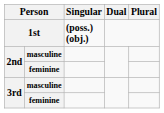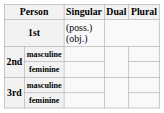 <table class="wikitable">
 <tr>
 <th colspan="2">Person</th>
 <th>Singular</th>
 <th>Dual</th>
 <th>Plural</th>
 </tr>
 <tr>
 <th colspan="2">1st</th>
-<td><strong> (poss.) <em></em> <br>  (obj.) <em></em></strong></td>
+<td> (poss.) <em></em> <br>  (obj.) <em></em></td>
 <td colspan="2" style="text-align: center;"><br><em></em></td>
 </tr>
 <tr>
 <th rowspan="2">2nd</th>
 <th><small>masculine</small></th>
 <td><br><em></em></td>
 <td rowspan="2"><br><em></em></td>
 <td><br><em></em></td>
 </tr>
 <tr>
 <th><small>feminine</small></th>
 <td><br><em></em></td>
 <td><br><em></em></td>
 </tr>
 <tr>
 <th rowspan="2">3rd</th>
 <th><small>masculine</small></th>
 <td><br><em></em></td>
 <td rowspan="2"><br><em></em></td>
 <td><br><em></em></td>
 </tr>
 <tr>
 <th><small>feminine</small></th>
 <td><br><em></em></td>
 <td><br><em></em></td>
 </tr>
 </table>
